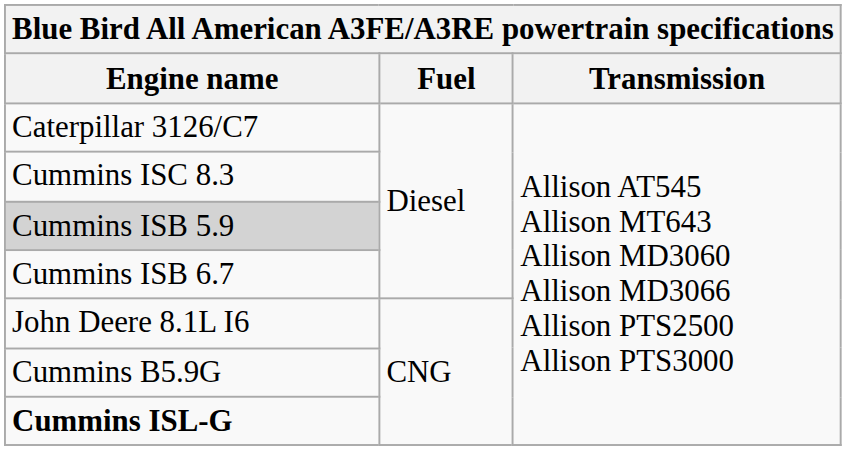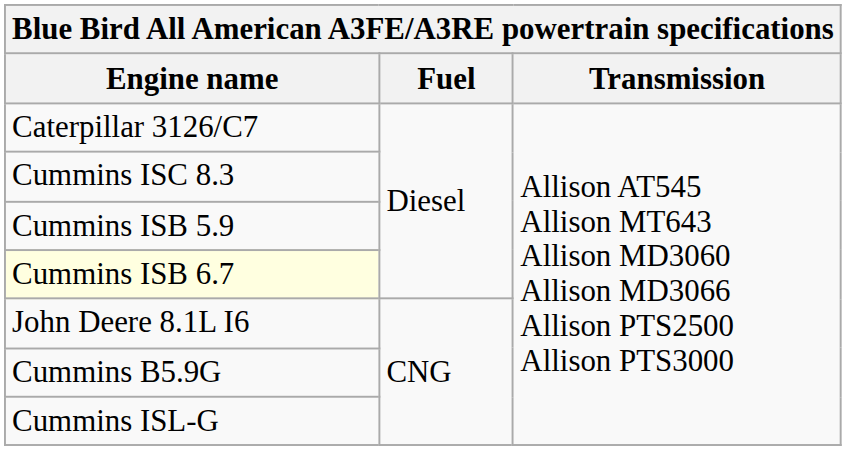 <table class="wikitable">
 <tr>
 <th colspan="3">Blue Bird All American A3FE/A3RE powertrain specifications</th>
 </tr>
 <tr>
 <th>Engine name</th>
 <th>Fuel</th>
 <th>Transmission</th>
 </tr>
 <tr>
 <td>Caterpillar 3126/C7</td>
 <td rowspan="4">Diesel</td>
 <td rowspan="7">Allison AT545<br>Allison MT643<br>Allison MD3060<br>Allison MD3066<br>Allison PTS2500<br>Allison PTS3000</td>
 </tr>
 <tr>
 <td>Cummins ISC 8.3</td>
 </tr>
 <tr>
-<td style="background: lightgrey;">Cummins ISB 5.9</td>
+<td>Cummins ISB 5.9</td>
 </tr>
 <tr>
-<td>Cummins ISB 6.7</td>
+<td style="background: lightyellow;">Cummins ISB 6.7</td>
 </tr>
 <tr>
 <td>John Deere 8.1L I6</td>
 <td rowspan="3">CNG</td>
 </tr>
 <tr>
 <td>Cummins B5.9G</td>
 </tr>
 <tr>
-<td><strong>Cummins ISL-G</strong></td>
+<td>Cummins ISL-G</td>
 </tr>
 </table>
